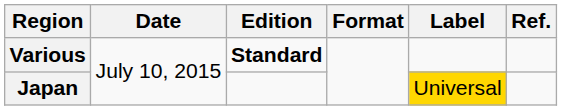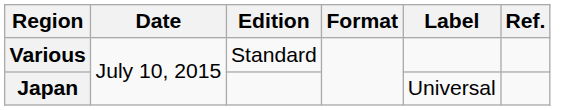 <table class="wikitable plainrowheaders">
 <tr>
 <th scope="col">Region</th>
 <th scope="col">Date</th>
 <th scope="col">Edition</th>
 <th scope="col">Format</th>
 <th scope="col">Label</th>
 <th scope="col">Ref.</th>
 </tr>
 <tr>
 <th scope="row">Various</th>
 <td rowspan="2">July 10, 2015</td>
-<td><strong>Standard</strong></td>
+<td>Standard</td>
 <td rowspan="2"></td>
 <td></td>
 <td style="text-align:center;"></td>
 </tr>
 <tr>
 <th scope="row">Japan</th>
 <td></td>
-<td style="background: gold;">Universal</td>
+<td>Universal</td>
 <td style="text-align:center;"></td>
 </tr>
 </table>
